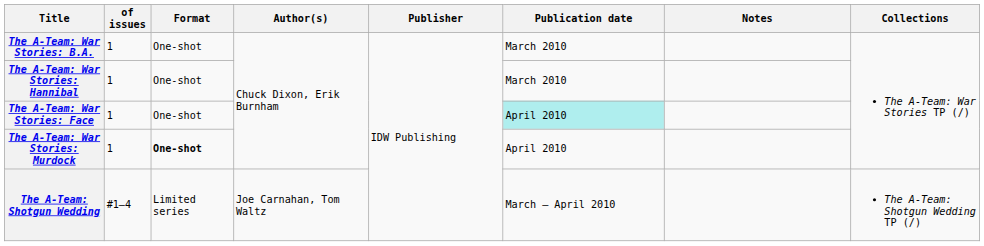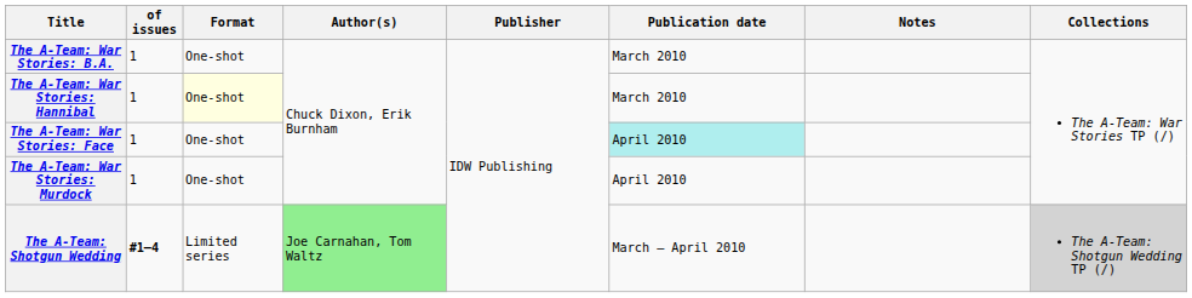 <table class="wikitable">
 <tr>
 <th>Title</th>
 <th style="width:40pt"> of issues</th>
 <th style="width:75pt">Format</th>
 <th style="width:125pt">Author(s)</th>
 <th style="width:125pt">Publisher</th>
 <th style="width:150pt">Publication date</th>
 <th style="width:175pt">Notes</th>
 <th>Collections</th>
 </tr>
 <tr>
 <th><em><a href='#'>The A-Team: War Stories: B.A.</a></em></th>
 <td>1</td>
 <td>One-shot</td>
 <td rowspan="4">Chuck Dixon, Erik Burnham</td>
 <td rowspan="5">IDW Publishing</td>
 <td>March 2010</td>
 <td></td>
 <td rowspan="4"><br><ul><li><em>The A-Team: War Stories</em> TP (/)</li></ul></td>
 </tr>
 <tr>
 <th><em><a href='#'>The A-Team: War Stories: Hannibal</a></em></th>
 <td>1</td>
-<td>One-shot</td>
+<td style="background: lightyellow;">One-shot</td>
 <td>March 2010</td>
 <td></td>
 </tr>
 <tr>
 <th><em><a href='#'>The A-Team: War Stories: Face</a></em></th>
 <td>1</td>
 <td>One-shot</td>
 <td style="background: paleturquoise;">April 2010</td>
 <td></td>
 </tr>
 <tr>
 <th><em><a href='#'>The A-Team: War Stories: Murdock</a></em></th>
 <td>1</td>
-<td><strong>One-shot</strong></td>
+<td>One-shot</td>
 <td>April 2010</td>
 <td></td>
 </tr>
 <tr>
 <th><em><a href='#'>The A-Team: Shotgun Wedding</a></em></th>
-<td>#1–4</td>
+<td><strong>#1–4</strong></td>
 <td>Limited series</td>
-<td>Joe Carnahan, Tom Waltz</td>
+<td style="background: lightgreen;">Joe Carnahan, Tom Waltz</td>
 <td>March – April 2010</td>
 <td></td>
-<td><br><ul><li><em>The A-Team: Shotgun Wedding</em> TP (/)</li></ul></td>
+<td style="background: lightgrey;"><br><ul><li><em>The A-Team: Shotgun Wedding</em> TP (/)</li></ul></td>
 </tr>
 </table>
